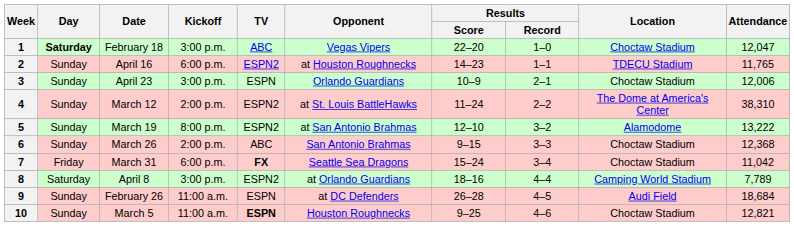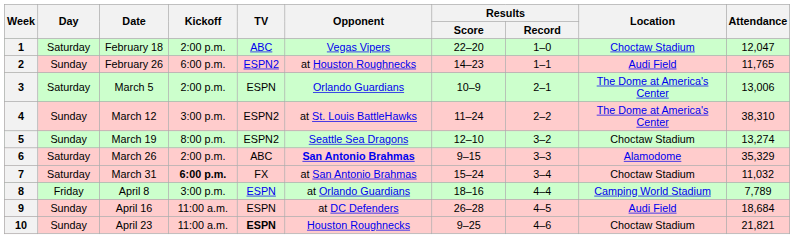 <table class="wikitable" style="text-align:center; font-size: 95%;">
 <tr>
 <th rowspan="2" width="40">Week</th>
 <th rowspan="2" width="80">Day</th>
 <th rowspan="2" width="90">Date</th>
 <th rowspan="2" width="90">Kickoff</th>
 <th rowspan="2" width="60">TV</th>
 <th rowspan="2" width="200">Opponent</th>
 <th colspan="2" width="200">Results</th>
 <th rowspan="2" width="200">Location</th>
 <th rowspan="2">Attendance</th>
 </tr>
 <tr>
 <th width="60">Score</th>
 <th width="60">Record</th>
 </tr>
 <tr bgcolor=#ccffcc>
 <th>1</th>
-<td><strong>Saturday</strong></td>
+<td>Saturday</td>
 <td>February 18</td>
-<td>3:00 p.m.</td>
+<td>2:00 p.m.</td>
 <td><a href='#'>ABC</a></td>
 <td><a href='#'>Vegas Vipers</a></td>
 <td>22–20</td>
 <td>1–0</td>
 <td><a href='#'>Choctaw Stadium</a></td>
 <td>12,047</td>
 </tr>
 <tr bgcolor=#ffcccc>
 <th>2</th>
 <td>Sunday</td>
-<td>April 16</td>
+<td>February 26</td>
 <td>6:00 p.m.</td>
 <td><a href='#'>ESPN2</a></td>
 <td>at <a href='#'>Houston Roughnecks</a></td>
 <td>14–23</td>
 <td>1–1</td>
-<td><a href='#'>TDECU Stadium</a></td>
+<td><a href='#'>Audi Field</a></td>
 <td>11,765</td>
 </tr>
 <tr bgcolor=#ccffcc>
 <th>3</th>
-<td>Sunday</td>
-<td>April 23</td>
-<td>3:00 p.m.</td>
+<td>Saturday</td>
+<td>March 5</td>
+<td>2:00 p.m.</td>
 <td>ESPN</td>
 <td><a href='#'>Orlando Guardians</a></td>
 <td>10–9</td>
 <td>2–1</td>
-<td>Choctaw Stadium</td>
-<td>12,006</td>
+<td><a href='#'>The Dome at America's Center</a></td>
+<td>13,006</td>
 </tr>
 <tr bgcolor=#ffcccc>
 <th>4</th>
 <td>Sunday</td>
 <td>March 12</td>
-<td>2:00 p.m.</td>
+<td>3:00 p.m.</td>
 <td>ESPN2</td>
 <td>at <a href='#'>St. Louis BattleHawks</a></td>
 <td>11–24</td>
 <td>2–2</td>
 <td><a href='#'>The Dome at America's Center</a></td>
 <td>38,310</td>
 </tr>
 <tr bgcolor=#ccffcc>
 <th>5</th>
 <td>Sunday</td>
 <td>March 19</td>
 <td>8:00 p.m.</td>
 <td>ESPN2</td>
-<td>at <a href='#'>San Antonio Brahmas</a></td>
+<td><a href='#'>Seattle Sea Dragons</a></td>
 <td>12–10</td>
 <td>3–2</td>
-<td><a href='#'>Alamodome</a></td>
-<td>13,222</td>
+<td>Choctaw Stadium</td>
+<td>13,274</td>
 </tr>
 <tr bgcolor=#ffcccc>
 <th>6</th>
-<td>Sunday</td>
+<td>Saturday</td>
 <td>March 26</td>
 <td>2:00 p.m.</td>
 <td>ABC</td>
-<td><a href='#'>San Antonio Brahmas</a></td>
+<td><strong><a href='#'>San Antonio Brahmas</a></strong></td>
 <td>9–15</td>
 <td>3–3</td>
-<td>Choctaw Stadium</td>
-<td>12,368</td>
+<td><a href='#'>Alamodome</a></td>
+<td>35,329</td>
 </tr>
 <tr bgcolor=#ffcccc>
 <th>7</th>
-<td>Friday</td>
+<td>Saturday</td>
 <td>March 31</td>
-<td>6:00 p.m.</td>
-<td><strong>FX</strong></td>
-<td><a href='#'>Seattle Sea Dragons</a></td>
+<td><strong>6:00 p.m.</strong></td>
+<td>FX</td>
+<td>at <a href='#'>San Antonio Brahmas</a></td>
 <td>15–24</td>
 <td>3–4</td>
 <td>Choctaw Stadium</td>
-<td>11,042</td>
+<td>11,032</td>
 </tr>
 <tr bgcolor=#ccffcc>
 <th>8</th>
-<td>Saturday</td>
+<td>Friday</td>
 <td>April 8</td>
 <td>3:00 p.m.</td>
-<td>ESPN2</td>
+<td><a href='#'>ESPN</a></td>
 <td>at <a href='#'>Orlando Guardians</a></td>
 <td>18–16</td>
 <td>4–4</td>
 <td><a href='#'>Camping World Stadium</a></td>
 <td>7,789</td>
 </tr>
 <tr bgcolor=#ffcccc>
 <th>9</th>
 <td>Sunday</td>
-<td>February 26</td>
+<td>April 16</td>
 <td>11:00 a.m.</td>
 <td>ESPN</td>
 <td>at <a href='#'>DC Defenders</a></td>
 <td>26–28 </td>
 <td>4–5</td>
 <td><a href='#'>Audi Field</a></td>
 <td>18,684</td>
 </tr>
 <tr bgcolor=#ffcccc>
 <th>10</th>
 <td>Sunday</td>
-<td>March 5</td>
+<td>April 23</td>
 <td>11:00 a.m.</td>
 <td><strong>ESPN</strong></td>
 <td><a href='#'>Houston Roughnecks</a></td>
 <td>9–25</td>
 <td>4–6</td>
 <td>Choctaw Stadium</td>
-<td>12,821</td>
+<td>21,821</td>
 </tr>
 </table>
